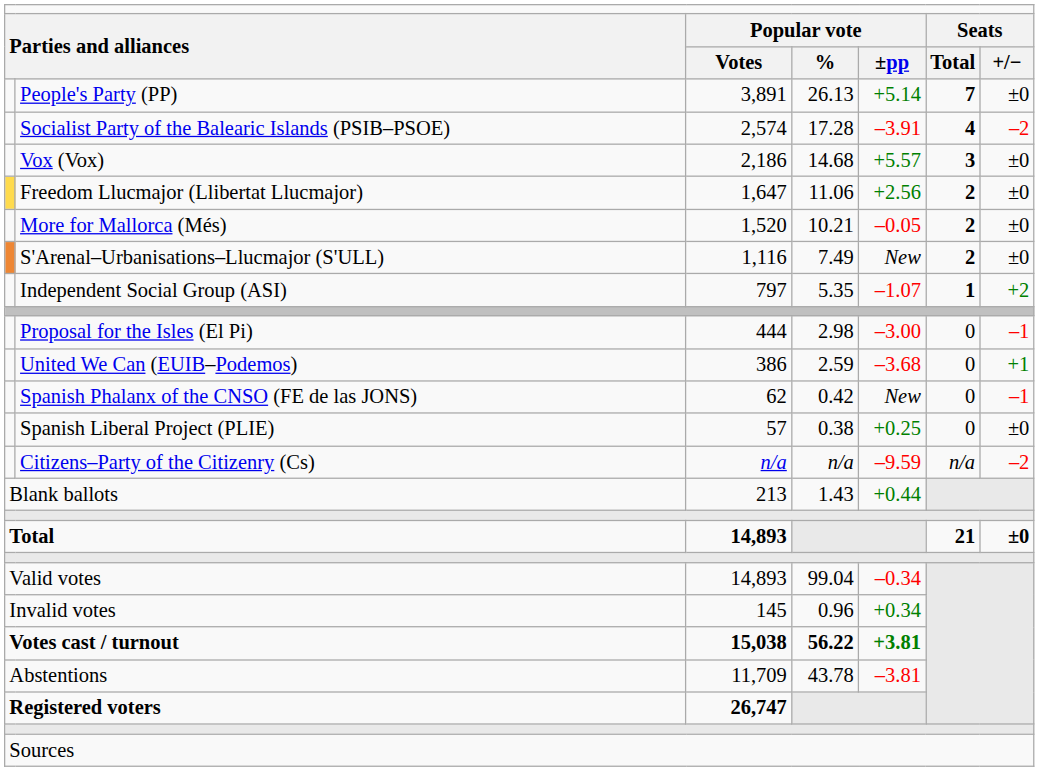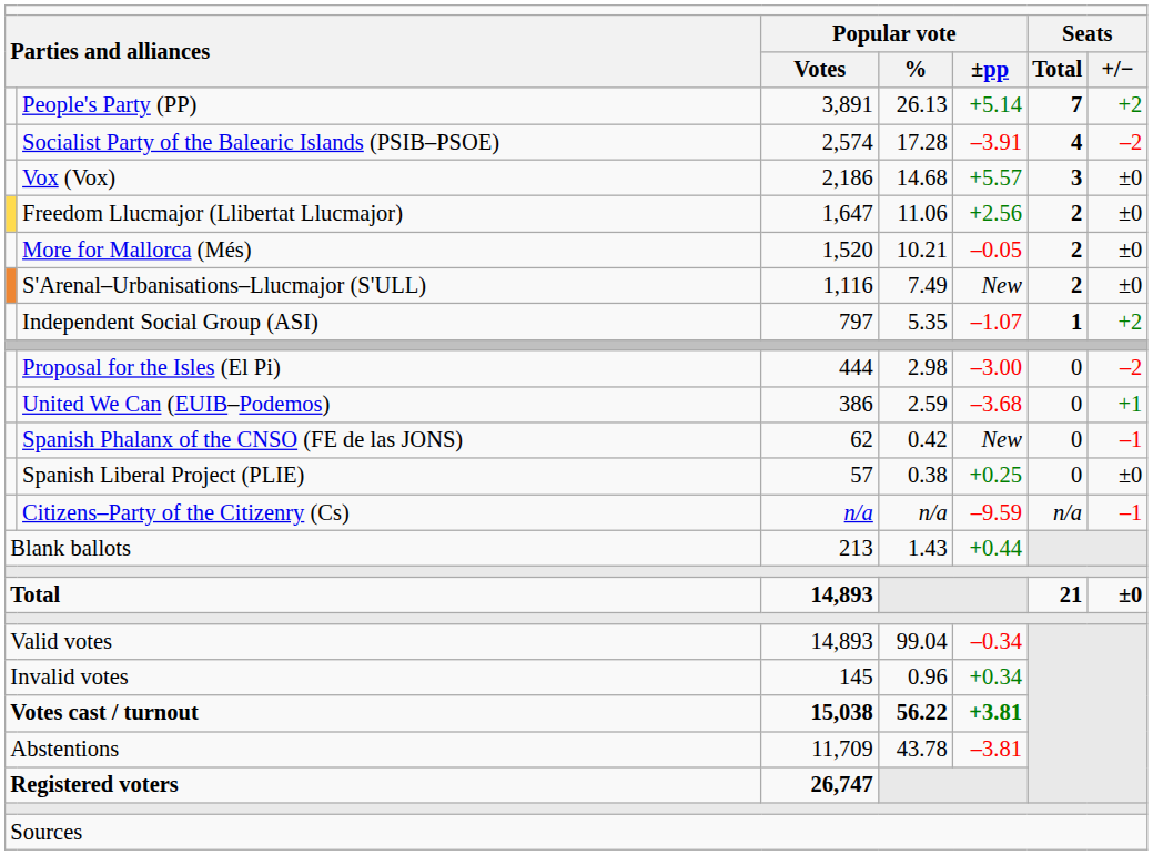 <table class="wikitable" style="text-align:right;">
 <tr>
 <td colspan="7"></td>
 </tr>
 <tr>
 <th style="text-align:left;" rowspan="2" colspan="2" width="525">Parties and alliances</th>
 <th colspan="3">Popular vote</th>
 <th colspan="2">Seats</th>
 </tr>
 <tr>
 <th width="75">Votes</th>
 <th width="45">%</th>
 <th width="45">±<a href='#'>pp</a></th>
 <th width="35">Total</th>
 <th width="35">+/−</th>
 </tr>
 <tr>
 <td width="1" style="color:inherit;background:"></td>
 <td align="left"><a href='#'>People's Party</a> (PP)</td>
 <td>3,891</td>
 <td>26.13</td>
 <td style="color:green;">+5.14</td>
 <td><strong>7</strong></td>
-<td>±0</td>
+<td style="color:green;">+2</td>
 </tr>
 <tr>
 <td style="color:inherit;background:"></td>
 <td align="left"><a href='#'>Socialist Party of the Balearic Islands</a> (PSIB–PSOE)</td>
 <td>2,574</td>
 <td>17.28</td>
 <td style="color:red;">–3.91</td>
 <td><strong>4</strong></td>
 <td style="color:red;">–2</td>
 </tr>
 <tr>
 <td style="color:inherit;background:"></td>
 <td align="left"><a href='#'>Vox</a> (Vox)</td>
 <td>2,186</td>
 <td>14.68</td>
 <td style="color:green;">+5.57</td>
 <td><strong>3</strong></td>
 <td>±0</td>
 </tr>
 <tr>
 <td bgcolor="#FFDB4D"></td>
 <td align="left">Freedom Llucmajor (Llibertat Llucmajor)</td>
 <td>1,647</td>
 <td>11.06</td>
 <td style="color:green;">+2.56</td>
 <td><strong>2</strong></td>
 <td>±0</td>
 </tr>
 <tr>
 <td style="color:inherit;background:"></td>
 <td align="left"><a href='#'>More for Mallorca</a> (Més)</td>
 <td>1,520</td>
 <td>10.21</td>
 <td style="color:red;">–0.05</td>
 <td><strong>2</strong></td>
 <td>±0</td>
 </tr>
 <tr>
 <td bgcolor="#EE8633"></td>
 <td align="left">S'Arenal–Urbanisations–Llucmajor (S'ULL)</td>
 <td>1,116</td>
 <td>7.49</td>
 <td><em>New</em></td>
 <td><strong>2</strong></td>
 <td>±0</td>
 </tr>
 <tr>
 <td style="color:inherit;background:"></td>
 <td align="left">Independent Social Group (ASI)</td>
 <td>797</td>
 <td>5.35</td>
 <td style="color:red;">–1.07</td>
 <td><strong>1</strong></td>
 <td style="color:green;">+2</td>
 </tr>
 <tr>
 <td colspan="7" bgcolor="#C0C0C0"></td>
 </tr>
 <tr>
 <td style="color:inherit;background:"></td>
 <td align="left"><a href='#'>Proposal for the Isles</a> (El Pi)</td>
 <td>444</td>
 <td>2.98</td>
 <td style="color:red;">–3.00</td>
 <td>0</td>
-<td style="color:red;">–1</td>
+<td style="color:red;">–2</td>
 </tr>
 <tr>
 <td style="color:inherit;background:"></td>
 <td align="left"><a href='#'>United We Can</a> (<a href='#'>EUIB</a>–<a href='#'>Podemos</a>)</td>
 <td>386</td>
 <td>2.59</td>
 <td style="color:red;">–3.68</td>
 <td>0</td>
 <td style="color:green;">+1</td>
 </tr>
 <tr>
 <td style="color:inherit;background:"></td>
 <td align="left"><a href='#'>Spanish Phalanx of the CNSO</a> (FE de las JONS)</td>
 <td>62</td>
 <td>0.42</td>
 <td><em>New</em></td>
 <td>0</td>
 <td style="color:red;">–1</td>
 </tr>
 <tr>
 <td style="color:inherit;background:"></td>
 <td align="left">Spanish Liberal Project (PLIE)</td>
 <td>57</td>
 <td>0.38</td>
 <td style="color:green;">+0.25</td>
 <td>0</td>
 <td>±0</td>
 </tr>
 <tr>
 <td style="color:inherit;background:"></td>
 <td align="left"><a href='#'>Citizens–Party of the Citizenry</a> (Cs)</td>
 <td><em><a href='#'>n/a</a></em></td>
 <td><em>n/a</em></td>
 <td style="color:red;">–9.59</td>
 <td><em>n/a</em></td>
-<td style="color:red;">–2</td>
+<td style="color:red;">–1</td>
 </tr>
 <tr>
 <td align="left" colspan="2">Blank ballots</td>
 <td>213</td>
 <td>1.43</td>
 <td style="color:green;">+0.44</td>
 <td bgcolor="#E9E9E9" colspan="2"></td>
 </tr>
 <tr>
 <td colspan="7" bgcolor="#E9E9E9"></td>
 </tr>
 <tr style="font-weight:bold;">
 <td align="left" colspan="2">Total</td>
 <td>14,893</td>
 <td bgcolor="#E9E9E9" colspan="2"></td>
 <td>21</td>
 <td>±0</td>
 </tr>
 <tr>
 <td colspan="7" bgcolor="#E9E9E9"></td>
 </tr>
 <tr>
 <td align="left" colspan="2">Valid votes</td>
 <td>14,893</td>
 <td>99.04</td>
 <td style="color:red;">–0.34</td>
 <td bgcolor="#E9E9E9" colspan="2" rowspan="5"></td>
 </tr>
 <tr>
 <td align="left" colspan="2">Invalid votes</td>
 <td>145</td>
 <td>0.96</td>
 <td style="color:green;">+0.34</td>
 </tr>
 <tr style="font-weight:bold;">
 <td align="left" colspan="2">Votes cast / turnout</td>
 <td>15,038</td>
 <td>56.22</td>
 <td style="color:green;">+3.81</td>
 </tr>
 <tr>
 <td align="left" colspan="2">Abstentions</td>
 <td>11,709</td>
 <td>43.78</td>
 <td style="color:red;">–3.81</td>
 </tr>
 <tr style="font-weight:bold;">
 <td align="left" colspan="2">Registered voters</td>
 <td>26,747</td>
 <td bgcolor="#E9E9E9" colspan="2"></td>
 </tr>
 <tr>
 <td colspan="7" bgcolor="#E9E9E9"></td>
 </tr>
 <tr>
 <td align="left" colspan="7">Sources</td>
 </tr>
 </table>
